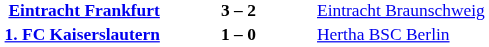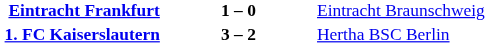 <table width=100% cellspacing=1>
 <tr>
 <th width=25%></th>
 <th width=10%></th>
 <th width=25%></th>
 <th></th>
 </tr>
 <tr style=font-size:90%>
 <td align=right><strong><a href='#'>Eintracht Frankfurt</a></strong></td>
-<td align=center><strong>3 – 2</strong></td>
+<td align=center><strong>1 – 0</strong></td>
 <td><a href='#'>Eintracht Braunschweig</a></td>
 </tr>
 <tr style=font-size:90%>
 <td align=right><strong><a href='#'>1. FC Kaiserslautern</a></strong></td>
-<td align=center><strong>1 – 0</strong></td>
+<td align=center><strong>3 – 2</strong></td>
 <td><a href='#'>Hertha BSC Berlin</a></td>
 </tr>
 </table>
